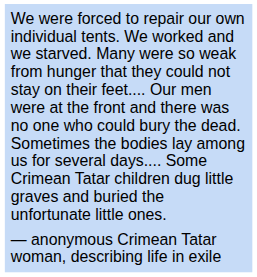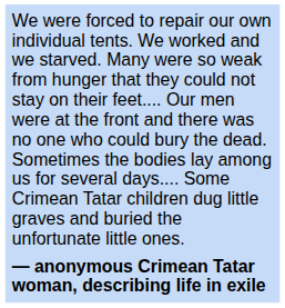 <table class="toccolours" style="float: left; margin-left: 1em; margin-right: 2em; font-size: 100%; background:#c6dbf7; color:black; width:25em; max-width: 40%;" cellspacing="5">
 <tr>
 <td style="text-align: left;">We were forced to repair our own individual tents. We worked and we starved. Many were so weak from hunger that they could not stay on their feet.... Our men were at the front and there was no one who could bury the dead. Sometimes the bodies lay among us for several days.... Some Crimean Tatar children dug little graves and buried the unfortunate little ones.</td>
 </tr>
 <tr>
-<td style="text-align: left;">— anonymous Crimean Tatar woman, describing life in exile</td>
+<td style="text-align: left;"><strong>— anonymous Crimean Tatar woman, describing life in exile</strong></td>
 </tr>
 </table>
